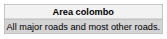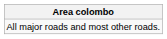 <table class="wikitable" style="font-size:90%">
 <tr>
 <th>Area colombo</th>
 </tr>
 <tr>
-<td style="background: lightgrey;">All major roads and most other roads.</td>
+<td>All major roads and most other roads.</td>
 </tr>
 </table>
